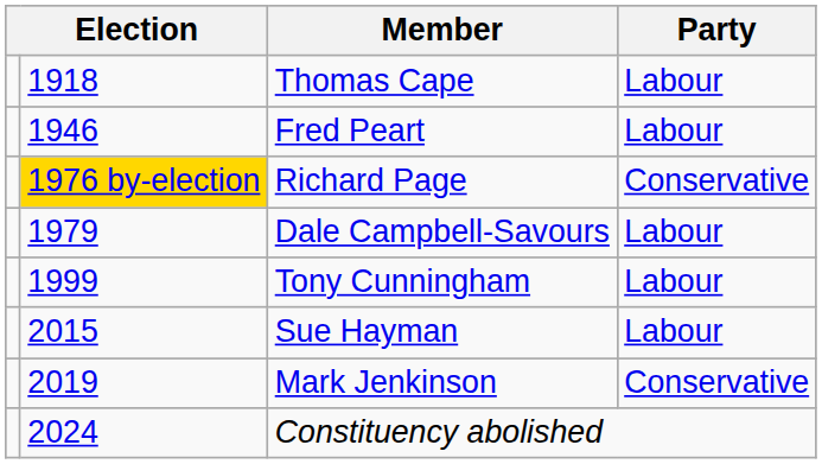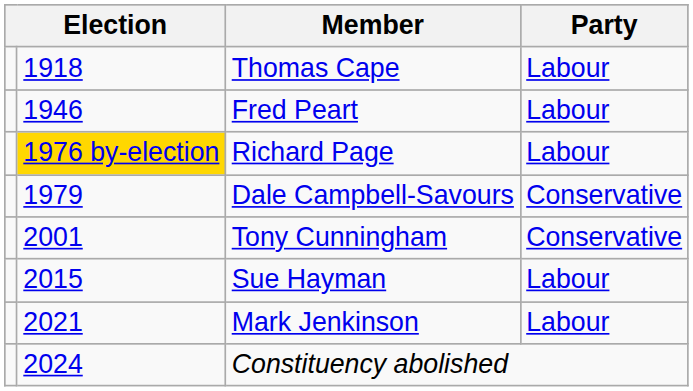 <table class="wikitable">
 <tr>
 <th colspan="2">Election</th>
 <th>Member</th>
 <th>Party</th>
 </tr>
 <tr>
 <td style="color:inherit;background-color: "></td>
 <td><a href='#'>1918</a></td>
 <td><a href='#'>Thomas Cape</a></td>
 <td><a href='#'>Labour</a></td>
 </tr>
 <tr>
 <td style="color:inherit;background-color: "></td>
 <td><a href='#'>1946</a></td>
 <td><a href='#'>Fred Peart</a></td>
 <td><a href='#'>Labour</a></td>
 </tr>
 <tr>
 <td style="color:inherit;background-color: "></td>
 <td style="background: gold;"><a href='#'>1976 by-election</a></td>
 <td><a href='#'>Richard Page</a></td>
-<td><a href='#'>Conservative</a></td>
+<td><a href='#'>Labour</a></td>
 </tr>
 <tr>
 <td style="color:inherit;background-color: "></td>
 <td><a href='#'>1979</a></td>
 <td><a href='#'>Dale Campbell-Savours</a></td>
-<td><a href='#'>Labour</a></td>
+<td><a href='#'>Conservative</a></td>
 </tr>
 <tr>
 <td style="color:inherit;background-color: "></td>
-<td><a href='#'>1999</a></td>
+<td><a href='#'>2001</a></td>
 <td><a href='#'>Tony Cunningham</a></td>
-<td><a href='#'>Labour</a></td>
+<td><a href='#'>Conservative</a></td>
 </tr>
 <tr>
 <td style="color:inherit;background-color: "></td>
 <td><a href='#'>2015</a></td>
 <td><a href='#'>Sue Hayman</a></td>
 <td><a href='#'>Labour</a></td>
 </tr>
 <tr>
 <td style="color:inherit;background-color: "></td>
-<td><a href='#'>2019</a></td>
+<td><a href='#'>2021</a></td>
 <td><a href='#'>Mark Jenkinson</a></td>
-<td><a href='#'>Conservative</a></td>
+<td><a href='#'>Labour</a></td>
 </tr>
 <tr>
 <td></td>
 <td><a href='#'>2024</a></td>
 <td colspan="2"><em>Constituency abolished</em></td>
 </tr>
 </table>
